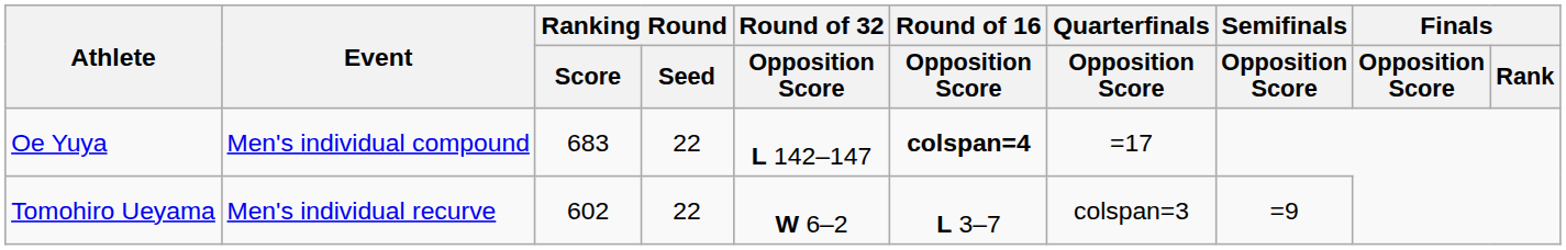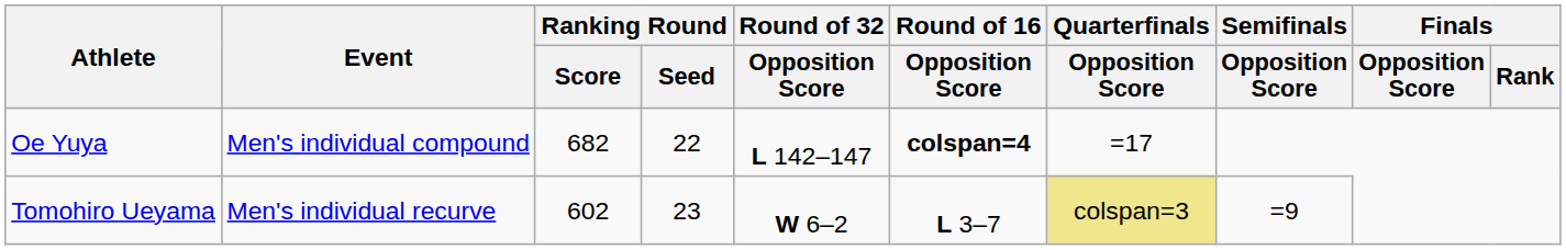 <table class="wikitable" style="text-align: center; font-size:90%">
 <tr>
 <th rowspan="2">Athlete</th>
 <th rowspan="2">Event</th>
 <th colspan="2">Ranking Round</th>
 <th>Round of 32</th>
 <th>Round of 16</th>
 <th>Quarterfinals</th>
 <th>Semifinals</th>
 <th colspan="2">Finals</th>
 </tr>
 <tr style="font-size:95%">
 <th>Score</th>
 <th>Seed</th>
 <th>Opposition<br>Score</th>
 <th>Opposition<br>Score</th>
 <th>Opposition<br>Score</th>
 <th>Opposition<br>Score</th>
 <th>Opposition<br>Score</th>
 <th>Rank</th>
 </tr>
 <tr>
 <td align=left><a href='#'>Oe Yuya</a></td>
 <td align=left><a href='#'>Men's individual compound</a></td>
-<td>683</td>
+<td>682</td>
 <td>22</td>
 <td><br><strong>L</strong> 142–147</td>
 <td><strong>colspan=4 </strong></td>
 <td>=17</td>
 </tr>
 <tr>
 <td align=left><a href='#'>Tomohiro Ueyama</a></td>
 <td align=left><a href='#'>Men's individual recurve</a></td>
 <td>602</td>
-<td>22</td>
+<td>23</td>
 <td><br><strong>W</strong> 6–2</td>
 <td><br><strong>L</strong> 3–7</td>
-<td>colspan=3 </td>
+<td style="background: khaki;">colspan=3 </td>
 <td>=9</td>
 </tr>
 </table>
